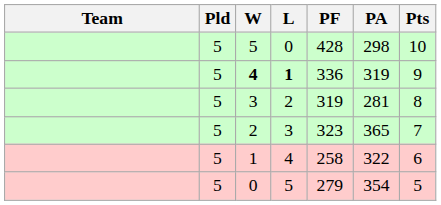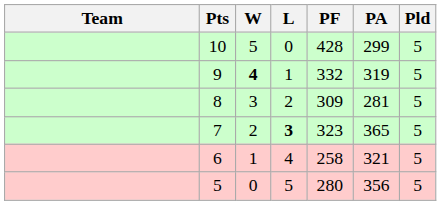 <table class="wikitable" style="text-align:center;">
 <tr>
 <th width=170>Team</th>
-<th width=25>Pld</th>
+<th width=25>Pts</th>
 <th width=25>W</th>
 <th width=25>L</th>
 <th width=35>PF</th>
 <th width=35>PA</th>
-<th width=25>Pts</th>
+<th width=25>Pld</th>
 </tr>
 <tr bgcolor=#ccffcc>
 <td align="left"></td>
-<td>5</td>
+<td>10</td>
 <td>5</td>
 <td>0</td>
 <td>428</td>
-<td>298</td>
-<td>10</td>
+<td>299</td>
+<td>5</td>
 </tr>
 <tr bgcolor=#ccffcc>
 <td align="left"></td>
+<td>9</td>
+<td><strong>4</strong></td>
+<td>1</td>
+<td>332</td>
+<td>319</td>
 <td>5</td>
-<td><strong>4</strong></td>
-<td><strong>1</strong></td>
-<td>336</td>
-<td>319</td>
-<td>9</td>
 </tr>
 <tr bgcolor=#ccffcc>
 <td align="left"></td>
-<td>5</td>
+<td>8</td>
 <td>3</td>
 <td>2</td>
-<td>319</td>
+<td>309</td>
 <td>281</td>
-<td>8</td>
+<td>5</td>
 </tr>
 <tr bgcolor=#ccffcc>
 <td align="left"></td>
-<td>5</td>
+<td>7</td>
 <td>2</td>
-<td>3</td>
+<td><strong>3</strong></td>
 <td>323</td>
 <td>365</td>
-<td>7</td>
+<td>5</td>
 </tr>
 <tr bgcolor=#ffcccc>
 <td align="left"></td>
-<td>5</td>
+<td>6</td>
 <td>1</td>
 <td>4</td>
 <td>258</td>
-<td>322</td>
-<td>6</td>
+<td>321</td>
+<td>5</td>
 </tr>
 <tr bgcolor=#ffcccc>
 <td align="left"></td>
 <td>5</td>
 <td>0</td>
 <td>5</td>
-<td>279</td>
-<td>354</td>
+<td>280</td>
+<td>356</td>
 <td>5</td>
 </tr>
 </table>
